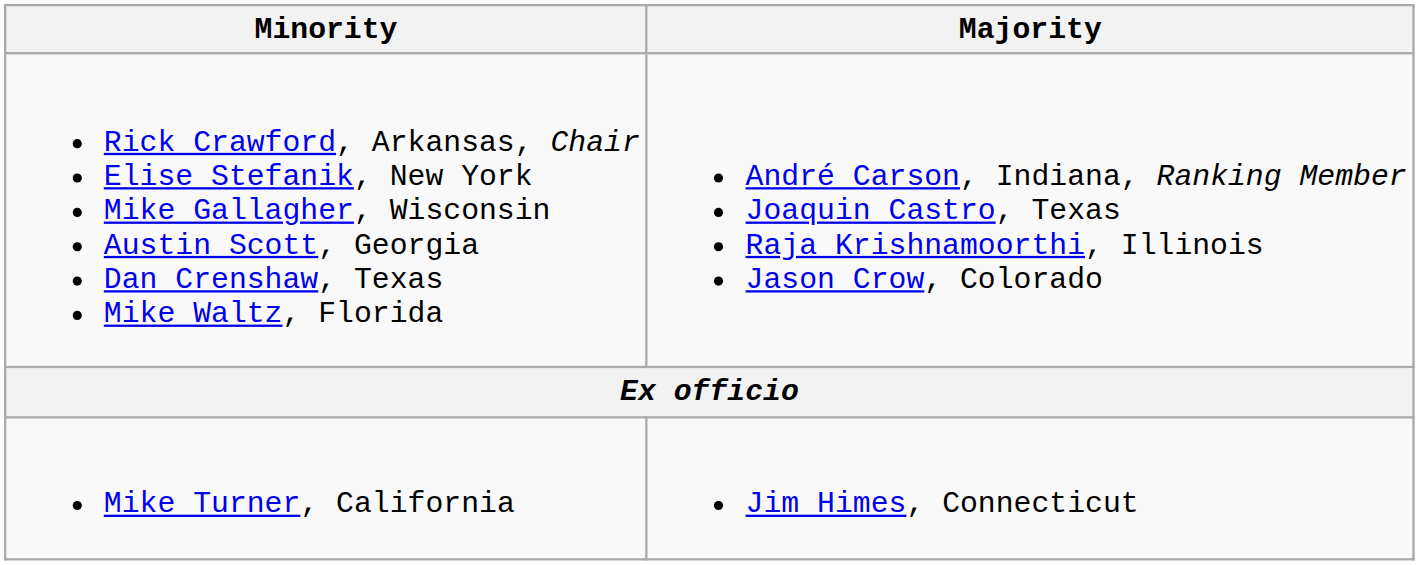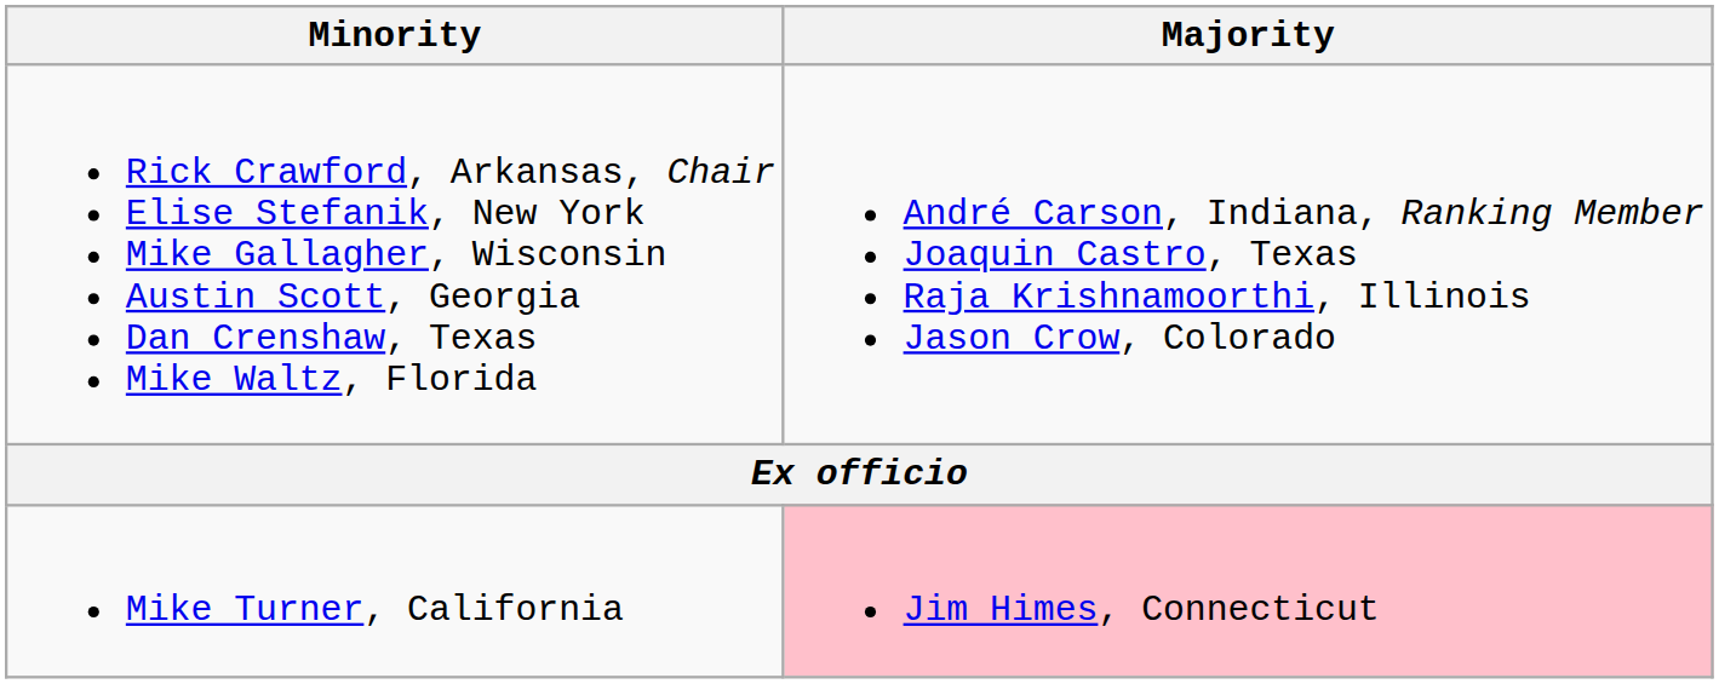 <table class=wikitable>
 <tr>
 <th>Minority</th>
 <th>Majority</th>
 </tr>
 <tr>
 <td><br><ul><li><a href='#'>Rick Crawford</a>, Arkansas, <em>Chair</em></li><li><a href='#'>Elise Stefanik</a>, New York</li><li><a href='#'>Mike Gallagher</a>, Wisconsin</li><li><a href='#'>Austin Scott</a>, Georgia</li><li><a href='#'>Dan Crenshaw</a>, Texas</li><li><a href='#'>Mike Waltz</a>, Florida</li></ul></td>
 <td><br><ul><li><a href='#'>André Carson</a>, Indiana, <em>Ranking Member</em></li><li><a href='#'>Joaquin Castro</a>, Texas</li><li><a href='#'>Raja Krishnamoorthi</a>, Illinois</li><li><a href='#'>Jason Crow</a>, Colorado</li></ul></td>
 </tr>
 <tr>
 <th colspan=2><em>Ex officio</em></th>
 </tr>
 <tr>
 <td><br><ul><li><a href='#'>Mike Turner</a>, California</li></ul></td>
-<td><br><ul><li><a href='#'>Jim Himes</a>, Connecticut</li></ul></td>
+<td style="background: pink;"><br><ul><li><a href='#'>Jim Himes</a>, Connecticut</li></ul></td>
 </tr>
 </table>
